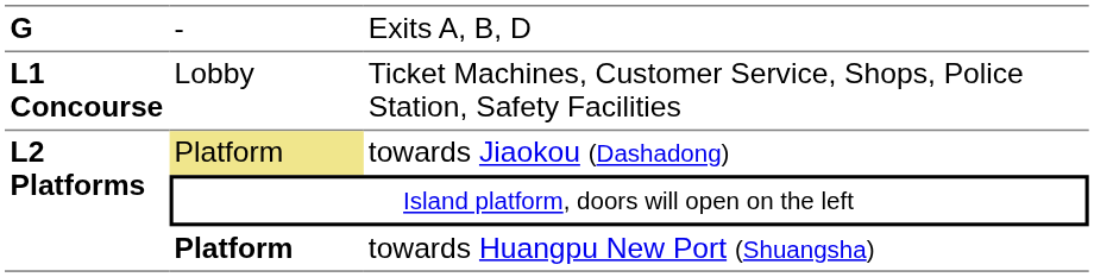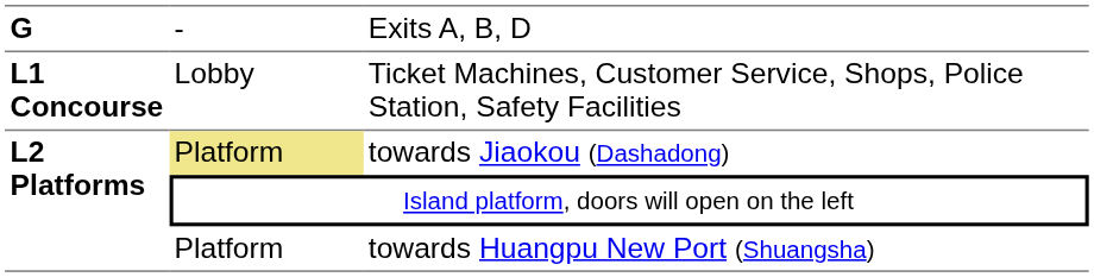 <table table border=0 cellspacing=0 cellpadding=3>
 <tr>
 <td style="border-top:solid 1px gray;" width=50 valign=top><strong>G</strong></td>
 <td style="border-top:solid 1px gray;" width=100 valign=top>-</td>
 <td style="border-top:solid 1px gray;" width=390 valign=top>Exits A, B, D</td>
 </tr>
 <tr>
 <td style="border-bottom:solid 1px gray; border-top:solid 1px gray;" valign=top><strong>L1<br>Concourse</strong></td>
 <td style="border-bottom:solid 1px gray; border-top:solid 1px gray;" valign=top>Lobby</td>
 <td style="border-bottom:solid 1px gray; border-top:solid 1px gray;" valign=top>Ticket Machines, Customer Service, Shops, Police Station, Safety Facilities</td>
 </tr>
 <tr>
 <td style="border-bottom:solid 1px gray;" rowspan=4 valign=top><strong>L2<br>Platforms</strong></td>
 <td style="background: khaki;">Platform </td>
 <td>  towards <a href='#'>Jiaokou</a> <small>(<a href='#'>Dashadong</a>)</small></td>
 </tr>
 <tr>
 <td style="border-right:solid 2px black;border-left:solid 2px black;border-top:solid 2px black;border-bottom:solid 2px black;text-align:center;" colspan=2><small><a href='#'>Island platform</a>, doors will open on the left</small></td>
 </tr>
 <tr>
-<td style="border-bottom:solid 1px gray;"><strong>Platform </strong></td>
+<td style="border-bottom:solid 1px gray;">Platform </td>
 <td style="border-bottom:solid 1px gray;"> towards <a href='#'>Huangpu New Port</a> <small>(<a href='#'>Shuangsha</a>)</small> </td>
 </tr>
 </table>
